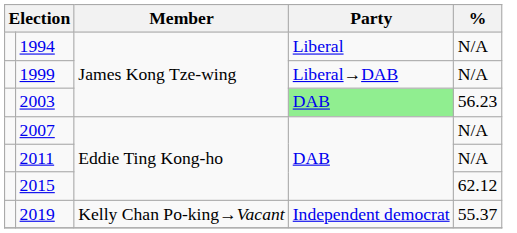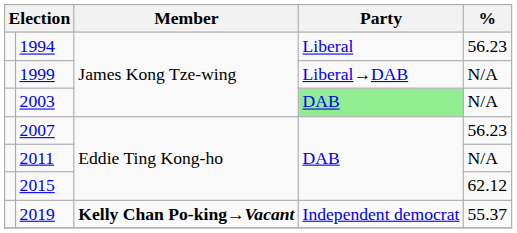 <table class="wikitable">
 <tr>
 <th colspan="2">Election</th>
 <th>Member</th>
 <th>Party</th>
 <th>%</th>
 </tr>
 <tr>
 <td style="background-color: "></td>
 <td><a href='#'>1994</a></td>
 <td rowspan=3>James Kong Tze-wing</td>
 <td><a href='#'>Liberal</a></td>
-<td>N/A</td>
+<td>56.23</td>
 </tr>
 <tr>
 <td style="background-color: "></td>
 <td><a href='#'>1999</a></td>
 <td><a href='#'>Liberal</a>→<a href='#'>DAB</a></td>
 <td>N/A</td>
 </tr>
 <tr>
 <td style="background-color: "></td>
 <td><a href='#'>2003</a></td>
 <td style="background: lightgreen;"><a href='#'>DAB</a></td>
-<td>56.23</td>
+<td>N/A</td>
 </tr>
 <tr>
 <td style="background-color: "></td>
 <td><a href='#'>2007</a></td>
 <td rowspan=3>Eddie Ting Kong-ho</td>
 <td rowspan=3><a href='#'>DAB</a></td>
-<td>N/A</td>
+<td>56.23</td>
 </tr>
 <tr>
 <td style="background-color: "></td>
 <td><a href='#'>2011</a></td>
 <td>N/A</td>
 </tr>
 <tr>
 <td style="background-color: "></td>
 <td><a href='#'>2015</a></td>
 <td>62.12</td>
 </tr>
 <tr>
 <td style="background-color: "></td>
 <td><a href='#'>2019</a></td>
-<td>Kelly Chan Po-king→<em>Vacant</em></td>
+<td><strong>Kelly Chan Po-king→<em>Vacant</em></strong></td>
 <td><a href='#'>Independent democrat</a></td>
 <td>55.37</td>
 </tr>
 <tr>
 </tr>
 </table>
